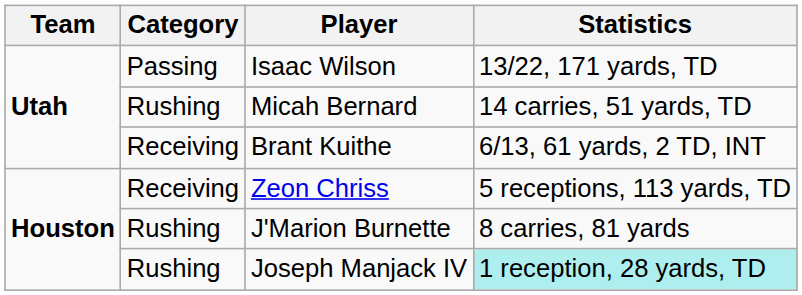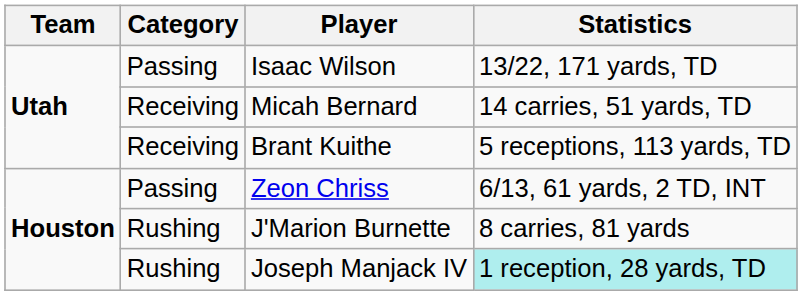 <table class="wikitable" style="float: right;">
 <tr>
 <th>Team</th>
 <th>Category</th>
 <th>Player</th>
 <th>Statistics</th>
 </tr>
 <tr>
 <td rowspan=3><strong>Utah</strong></td>
 <td>Passing</td>
 <td>Isaac Wilson</td>
 <td>13/22, 171 yards, TD</td>
 </tr>
 <tr>
-<td>Rushing</td>
+<td>Receiving</td>
 <td>Micah Bernard</td>
 <td>14 carries, 51 yards, TD</td>
 </tr>
 <tr>
 <td>Receiving</td>
 <td>Brant Kuithe</td>
-<td>6/13, 61 yards, 2 TD, INT</td>
+<td>5 receptions, 113 yards, TD</td>
 </tr>
 <tr>
 <td rowspan=3><strong>Houston</strong></td>
-<td>Receiving</td>
+<td>Passing</td>
 <td><a href='#'>Zeon Chriss</a></td>
-<td>5 receptions, 113 yards, TD</td>
+<td>6/13, 61 yards, 2 TD, INT</td>
 </tr>
 <tr>
 <td>Rushing</td>
 <td>J'Marion Burnette</td>
 <td>8 carries, 81 yards</td>
 </tr>
 <tr>
 <td>Rushing</td>
 <td>Joseph Manjack IV</td>
 <td style="background: paleturquoise;">1 reception, 28 yards, TD</td>
 </tr>
 </table>
